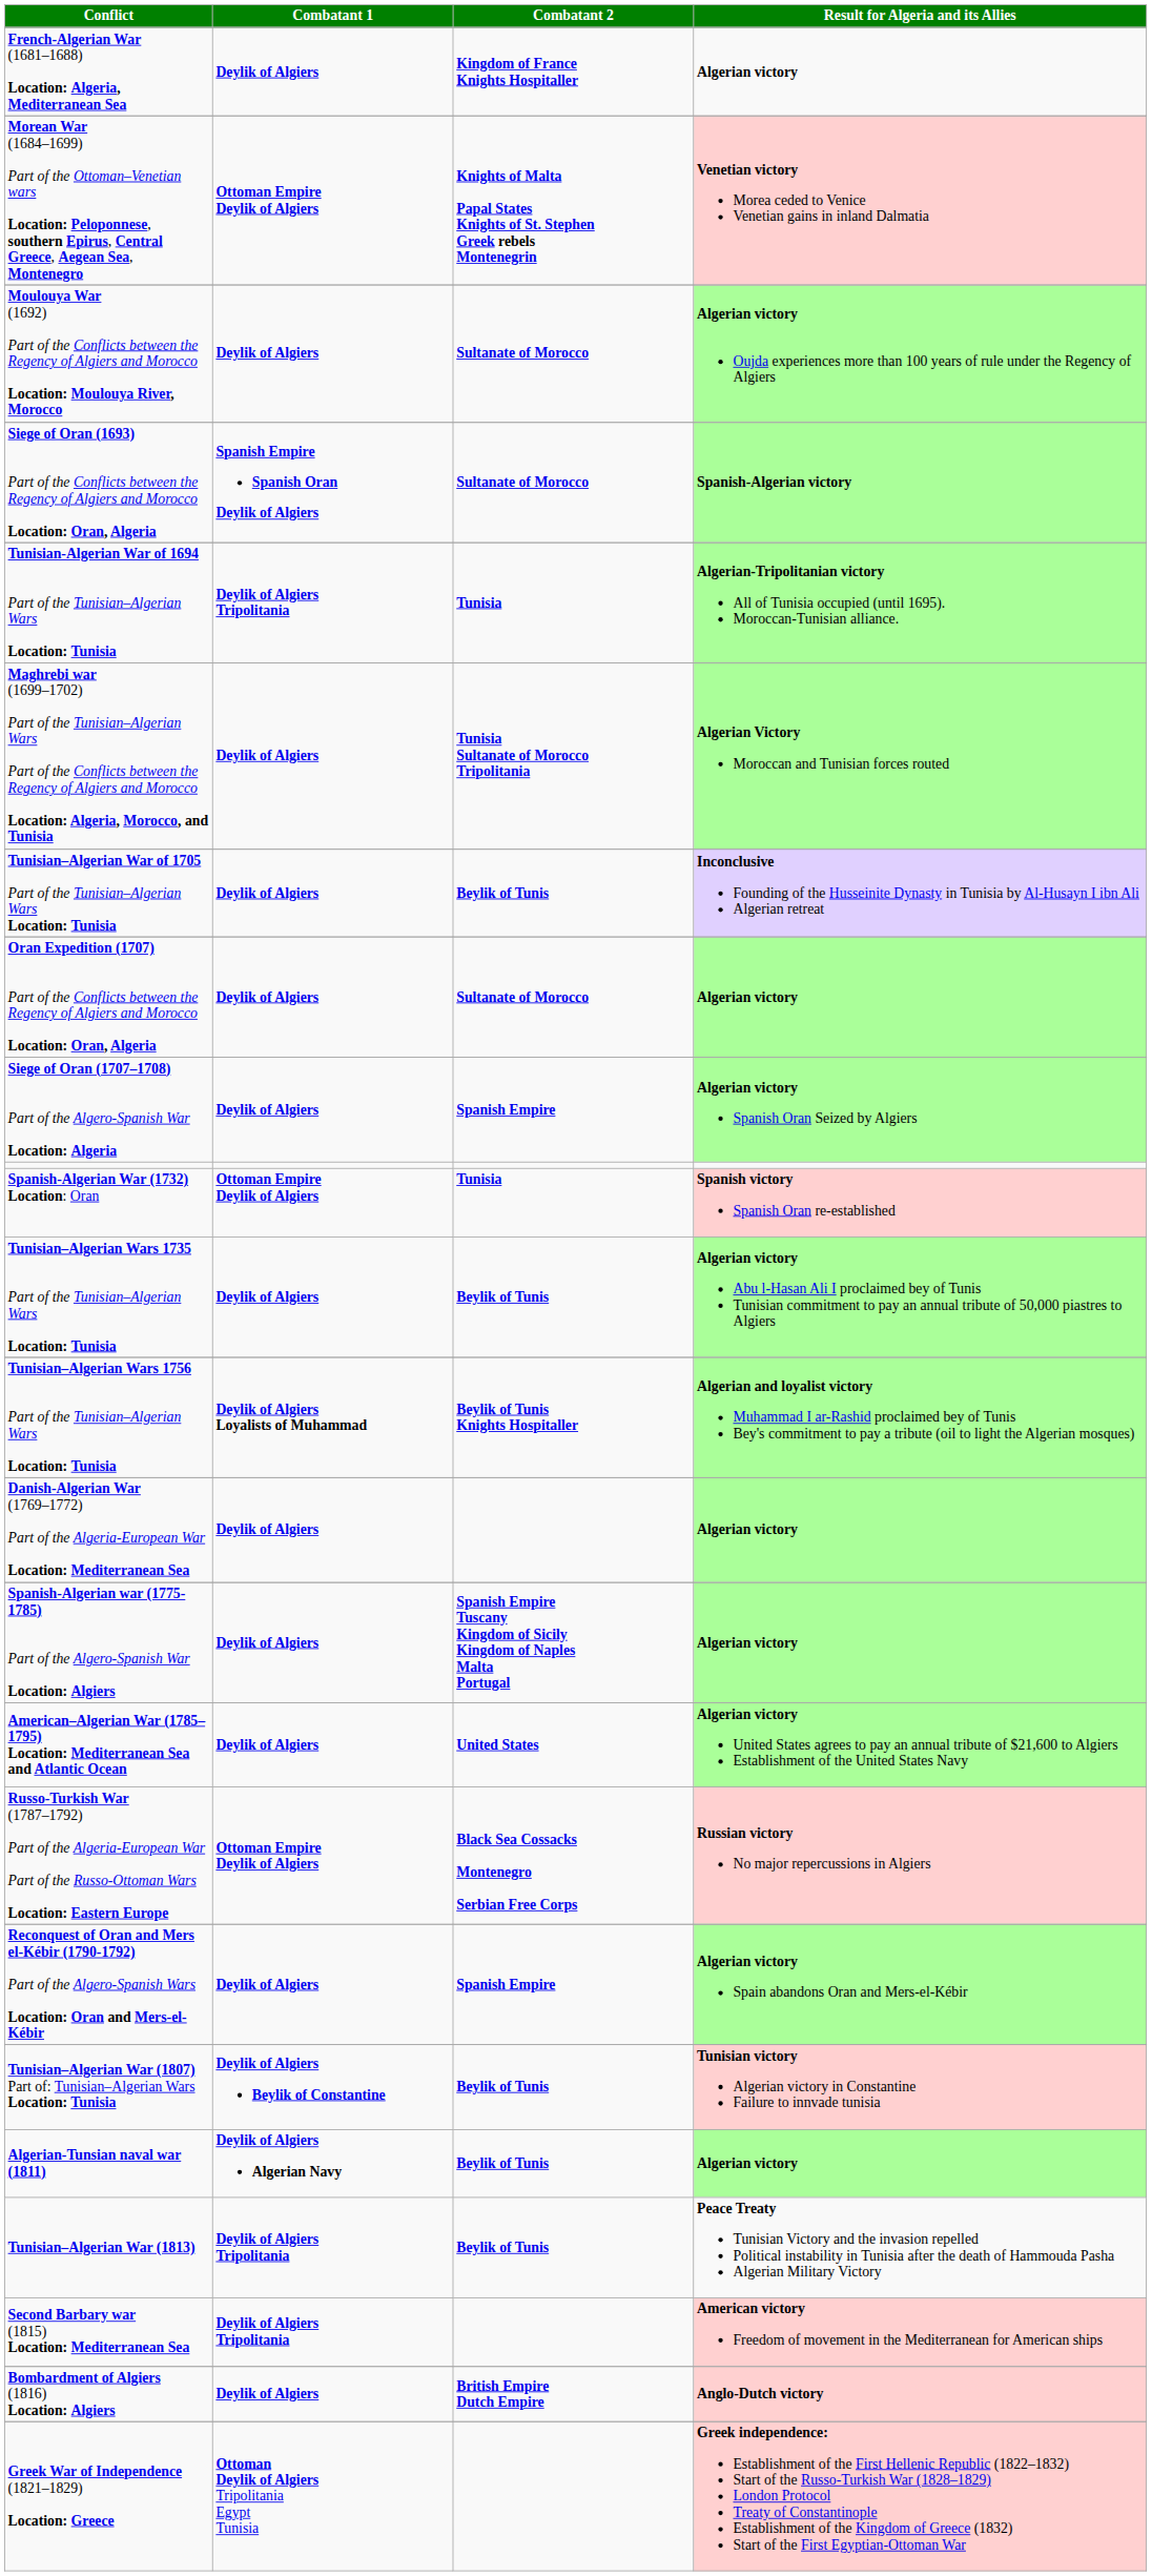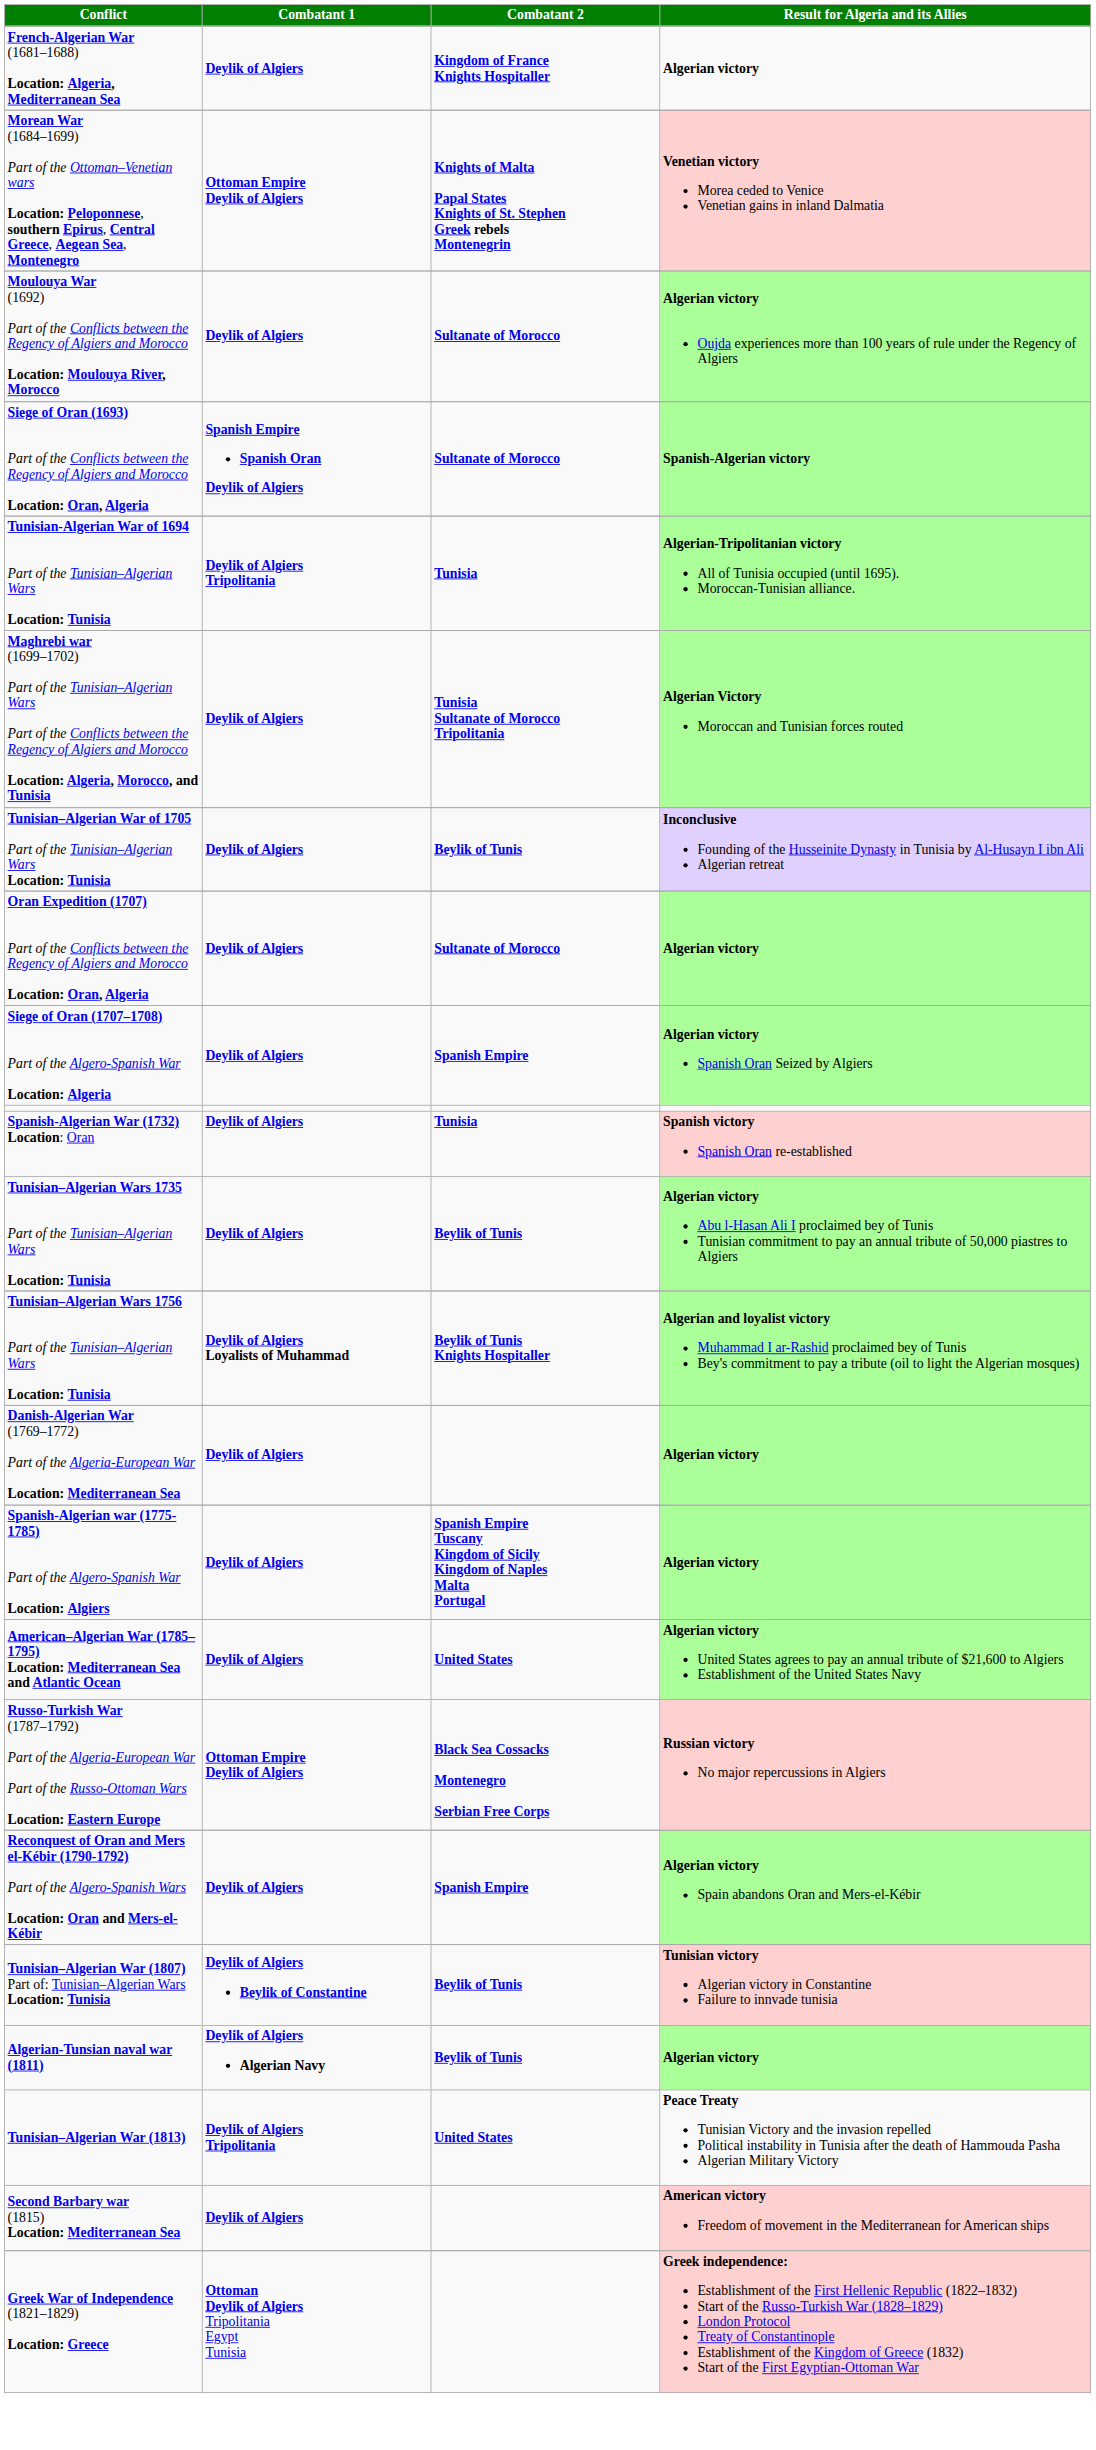 <table class="wikitable sortable" width="100%">
 <tr style="color: white">
 <th style="background:Green" width="120">Conflict</th>
 <th style="background:Green" width="140">Combatant 1</th>
 <th style="background:green" width="140">Combatant 2</th>
 <th style="background:green" width="270">Result for Algeria and its Allies</th>
 </tr>
 <tr valign="top">
 </tr>
 <tr>
 <td><strong><a href='#'>French-Algerian War</a></strong><br>(1681–1688)<br><br><strong>Location:</strong> <strong><a href='#'>Algeria</a>, <a href='#'>Mediterranean Sea</a></strong><br></td>
 <td><strong>  <a href='#'>Deylik of Algiers</a></strong></td>
 <td><strong> <a href='#'>Kingdom of France</a></strong><br> <strong> <a href='#'>Knights Hospitaller</a></strong></td>
 <td style="Background:AF9"><strong>Algerian victory</strong></td>
 </tr>
 <tr valign="top">
 </tr>
 <tr>
 <td><strong><a href='#'>Morean War</a></strong><br>(1684–1699)<br><br><em>Part of the <a href='#'>Ottoman–Venetian wars</a></em><br><br><strong>Location:</strong> <strong><a href='#'>Peloponnese</a></strong>, <strong>southern <a href='#'>Epirus</a></strong>, <strong><a href='#'>Central Greece</a></strong>, <strong><a href='#'>Aegean Sea</a></strong>, <strong><a href='#'>Montenegro</a></strong><br></td>
 <td><strong> <a href='#'>Ottoman Empire</a></strong><br> <strong> <a href='#'>Deylik of Algiers</a></strong></td>
 <td><strong></strong><br><strong></strong><br><strong> <a href='#'>Knights of Malta</a></strong><br><strong></strong><br><strong> <a href='#'>Papal States</a></strong><br><strong><a href='#'>Knights of St. Stephen</a></strong><br><strong><a href='#'>Greek</a> rebels</strong><br><strong> <a href='#'>Montenegrin</a></strong></td>
 <td style="background:#FFD0D0"><strong>Venetian victory</strong><br><ul><li>Morea ceded to Venice</li><li>Venetian gains in inland Dalmatia</li></ul></td>
 </tr>
 <tr valign="top">
 </tr>
 <tr>
 <td><strong><a href='#'>Moulouya War</a></strong><br>(1692)<br><br><em>Part of the <a href='#'>Conflicts between the Regency of Algiers and Morocco</a></em><br><br><strong>Location:</strong> <strong><a href='#'>Moulouya River</a>, <a href='#'>Morocco</a></strong><br></td>
 <td><strong>  <a href='#'>Deylik of Algiers</a></strong></td>
 <td><strong> <a href='#'>Sultanate of Morocco</a></strong></td>
 <td style="Background:#AF9"><strong>Algerian victory<br></strong><br><ul><li><a href='#'>Oujda</a> experiences more than 100 years of rule under the Regency of Algiers</li></ul></td>
 </tr>
 <tr valign="top">
 </tr>
 <tr>
 <td><strong><a href='#'>Siege of Oran (1693)</a></strong><br><br><br><em>Part of the <a href='#'>Conflicts between the Regency of Algiers and Morocco</a></em><br><br><strong>Location:</strong> <strong><a href='#'>Oran</a>, <a href='#'>Algeria</a></strong></td>
 <td><strong> <a href='#'>Spanish Empire</a></strong><br><ul><li><strong> <a href='#'>Spanish Oran</a></strong></li></ul><strong>  <a href='#'>Deylik of Algiers</a></strong></td>
 <td><strong> <a href='#'>Sultanate of Morocco</a></strong></td>
 <td style="Background:#AF9"><strong>Spanish-Algerian victory</strong></td>
 </tr>
 <tr valign="top">
 </tr>
 <tr>
 <td><strong><a href='#'>Tunisian-Algerian War of 1694</a></strong><br><br><br><em>Part of the <a href='#'>Tunisian–Algerian Wars</a></em><br><br><strong>Location:</strong> <strong><a href='#'>Tunisia</a></strong><br></td>
 <td><strong>  <a href='#'>Deylik of Algiers</a></strong><br><strong> <a href='#'>Tripolitania</a></strong></td>
 <td><strong> <a href='#'>Tunisia</a></strong></td>
 <td style="Background:#AF9"><strong> Algerian-Tripolitanian victory</strong><br><ul><li>All of Tunisia occupied (until 1695).</li><li>Moroccan-Tunisian alliance.</li></ul></td>
 </tr>
 <tr valign="top">
 </tr>
 <tr>
 <td><strong><a href='#'>Maghrebi war</a></strong><br>(1699–1702)<br><br><em>Part of the <a href='#'>Tunisian–Algerian Wars</a></em><br><br><em>Part of the <a href='#'>Conflicts between the Regency of Algiers and Morocco</a></em><br><br><strong>Location: <a href='#'>Algeria</a>, <a href='#'>Morocco</a>, and <a href='#'>Tunisia</a></strong></td>
 <td><strong>  <a href='#'>Deylik of Algiers</a></strong></td>
 <td><strong> <a href='#'>Tunisia</a></strong><br><strong> <a href='#'>Sultanate of Morocco</a></strong><br><strong> <a href='#'>Tripolitania</a></strong></td>
 <td style="Background:#AF9"><strong>Algerian Victory</strong><br><ul><li>Moroccan and Tunisian forces routed</li></ul></td>
 </tr>
 <tr valign=top>
 </tr>
 <tr>
 <td><strong><a href='#'>Tunisian–Algerian War of 1705</a></strong><br><br><em>Part of the <a href='#'>Tunisian–Algerian Wars</a></em><br><strong>Location:</strong> <strong><a href='#'>Tunisia</a></strong></td>
 <td><strong>  <a href='#'>Deylik of Algiers</a></strong></td>
 <td><strong> <a href='#'>Beylik of Tunis</a></strong></td>
 <td style="Background:#E0D0FF"><strong>Inconclusive</strong><br><ul><li>Founding of the <a href='#'>Husseinite Dynasty</a> in Tunisia by <a href='#'>Al-Husayn I ibn Ali</a></li><li>Algerian retreat</li></ul></td>
 </tr>
 <tr valign=top>
 </tr>
 <tr>
 <td><strong><a href='#'>Oran Expedition (1707)</a></strong><br><br><br><em>Part of the <a href='#'>Conflicts between the Regency of Algiers and Morocco</a></em><br><br><strong>Location:</strong> <strong><a href='#'>Oran</a>, <a href='#'>Algeria</a></strong></td>
 <td><strong>  <a href='#'>Deylik of Algiers</a></strong></td>
 <td><strong> <a href='#'>Sultanate of Morocco</a></strong></td>
 <td style="Background:#AF9"><strong>Algerian victory</strong></td>
 </tr>
 <tr valign="top">
 </tr>
 <tr>
 <td><strong><a href='#'>Siege of Oran (1707–1708)</a></strong><br><br><br><em>Part of the <a href='#'>Algero-Spanish War</a></em><br><br><strong>Location:</strong> <strong><a href='#'>Algeria</a></strong><br></td>
 <td><strong>  <a href='#'>Deylik of Algiers</a></strong></td>
 <td><strong> <a href='#'>Spanish Empire</a></strong></td>
 <td style="Background:#AF9"><strong>Algerian victory</strong><br><ul><li><a href='#'>Spanish Oran</a> Seized by Algiers</li></ul></td>
 </tr>
 <tr>
 <td></td>
 <td></td>
 <td></td>
 <td></td>
 </tr>
 <tr valign="top">
 <td><strong><a href='#'>Spanish-Algerian War (1732)</a></strong><br><strong>Location</strong>: <a href='#'>Oran</a> </td>
-<td><strong> <a href='#'>Ottoman Empire</a></strong><br> <strong> <a href='#'>Deylik of Algiers</a></strong></td>
+<td><strong>  <a href='#'>Deylik of Algiers</a></strong></td>
 <td><strong> <a href='#'>Tunisia</a></strong></td>
 <td style="Background:#FFD0D0"><strong>Spanish victory</strong><br><ul><li><a href='#'>Spanish Oran</a> re-established</li></ul></td>
 </tr>
 <tr>
 <td><strong><a href='#'>Tunisian–Algerian Wars 1735</a></strong><br><br><br><em>Part of the <a href='#'>Tunisian–Algerian Wars</a></em><br><br><strong>Location:</strong> <strong><a href='#'>Tunisia</a></strong></td>
 <td><strong>  <a href='#'>Deylik of Algiers</a></strong></td>
 <td><strong> <a href='#'>Beylik of Tunis</a></strong></td>
 <td style="Background:#AF9"><strong>Algerian victory</strong><br><ul><li><a href='#'>Abu l-Hasan Ali I</a> proclaimed bey of Tunis</li><li>Tunisian commitment to pay an annual tribute of 50,000 piastres to Algiers</li></ul></td>
 </tr>
 <tr valign=top>
 </tr>
 <tr>
 <td><strong><a href='#'>Tunisian–Algerian Wars 1756</a></strong><br><br><br><em>Part of the <a href='#'>Tunisian–Algerian Wars</a></em><br><br><strong>Location:</strong> <strong><a href='#'>Tunisia</a></strong></td>
 <td><strong>  <a href='#'>Deylik of Algiers</a><br>Loyalists of Muhammad</strong></td>
 <td><strong> <a href='#'>Beylik of Tunis</a><br> <a href='#'>Knights Hospitaller</a></strong></td>
 <td style="Background:#AF9"><strong>Algerian and loyalist victory</strong><br><ul><li><a href='#'>Muhammad I ar-Rashid</a> proclaimed bey of Tunis</li><li>Bey's commitment to pay a tribute (oil to light the Algerian mosques)</li></ul></td>
 </tr>
 <tr valign=top>
 </tr>
 <tr>
 <td><strong><a href='#'>Danish-Algerian War</a></strong><br>(1769–1772)<br><br><em>Part of the <a href='#'>Algeria-European War</a></em><br><br><strong>Location:</strong> <strong><a href='#'>Mediterranean Sea</a></strong></td>
 <td><strong>  <a href='#'>Deylik of Algiers</a></strong></td>
 <td><strong></strong></td>
 <td style="Background:#AF9"><strong>Algerian victory</strong><br></td>
 </tr>
 <tr valign=top>
 </tr>
 <tr>
 <td><strong><a href='#'>Spanish-Algerian war (1775-1785)</a></strong><br><br><br><em>Part of the <a href='#'>Algero-Spanish War</a></em><br><br><strong>Location:</strong> <strong><a href='#'>Algiers</a></strong><br></td>
 <td><strong>  <a href='#'>Deylik of Algiers</a></strong></td>
 <td><strong> <a href='#'>Spanish Empire</a><br> <a href='#'>Tuscany</a></strong><br> <strong><a href='#'>Kingdom of Sicily</a></strong><br><strong> <a href='#'>Kingdom of Naples</a></strong><br><strong> <a href='#'>Malta</a></strong><br><strong> <a href='#'>Portugal</a></strong></td>
 <td style="Background:#AF9"><strong>Algerian victory</strong></td>
 </tr>
 <tr valign=top>
 </tr>
 <tr>
 <td><strong><a href='#'>American–Algerian War (1785–1795)</a></strong><br><strong>Location: <a href='#'>Mediterranean Sea</a> and <a href='#'>Atlantic Ocean</a></strong></td>
 <td> <strong><a href='#'>Deylik of Algiers</a></strong></td>
 <td> <strong><a href='#'>United States</a></strong></td>
 <td style="Background:#AF9"><strong>Algerian victory</strong><br><ul><li>United States agrees to pay an annual tribute of $21,600 to Algiers</li><li>Establishment of the United States Navy</li></ul></td>
 </tr>
 <tr>
 <td><strong><a href='#'>Russo-Turkish War</a></strong><br>(1787–1792)<br><br><em>Part of the <a href='#'>Algeria-European War</a></em><br><br><em>Part of the <a href='#'>Russo-Ottoman Wars</a></em><br><br><strong>Location:</strong> <strong><a href='#'>Eastern Europe</a></strong><br></td>
 <td><strong> <a href='#'>Ottoman Empire</a><br> <a href='#'>Deylik of Algiers</a></strong></td>
 <td><strong><br><br><a href='#'>Black Sea Cossacks</a><br><br><a href='#'>Montenegro</a><br><br><a href='#'>Serbian Free Corps</a></strong></td>
 <td style="background:#FFD0D0"><strong>Russian victory</strong><br><ul><li>No major repercussions in Algiers</li></ul></td>
 </tr>
 <tr valign=top>
 </tr>
 <tr>
 <td><strong><a href='#'>Reconquest of Oran and Mers el-Kébir (1790-1792)</a></strong><br><br><em>Part of the <a href='#'>Algero-Spanish Wars</a></em><br><br><strong>Location:</strong> <strong><a href='#'>Oran</a> and <a href='#'>Mers-el-Kébir</a></strong></td>
 <td><strong> <a href='#'>Deylik of Algiers</a></strong></td>
 <td><strong> <a href='#'>Spanish Empire</a></strong></td>
 <td style="Background:#AF9"><strong>Algerian victory</strong><br><ul><li>Spain abandons Oran and Mers-el-Kébir</li></ul></td>
 </tr>
 <tr valign=top>
 </tr>
 <tr>
 <td><strong><a href='#'>Tunisian–Algerian War (1807)</a></strong><br>Part of: <a href='#'>Tunisian–Algerian Wars</a><br><strong>Location: <a href='#'>Tunisia</a></strong></td>
 <td> <strong><a href='#'>Deylik of Algiers</a></strong><br><ul><li> <strong><a href='#'>Beylik of Constantine</a></strong></li></ul></td>
 <td> <strong><a href='#'>Beylik of Tunis</a></strong></td>
 <td style="Background:#FFD0D0"><strong>Tunisian victory</strong><br><ul><li>Algerian victory in Constantine</li><li>Failure to innvade tunisia</li></ul></td>
 </tr>
 <tr>
 <td><strong><a href='#'>Algerian-Tunsian naval war (1811)</a></strong></td>
 <td> <strong><a href='#'>Deylik of Algiers</a></strong><br><ul><li> <strong>Algerian Navy</strong></li></ul></td>
 <td> <strong><a href='#'>Beylik of Tunis</a></strong></td>
 <td style="Background:#AF9"><strong>Algerian victory</strong></td>
 </tr>
 <tr>
 <td><strong><a href='#'>Tunisian–Algerian War (1813)</a></strong></td>
 <td><strong>  <a href='#'>Deylik of Algiers</a></strong><br><strong> <a href='#'>Tripolitania</a></strong></td>
-<td> <strong><a href='#'>Beylik of Tunis</a></strong></td>
+<td> <strong><a href='#'>United States</a></strong></td>
 <td><strong>Peace Treaty</strong><br><ul><li>Tunisian Victory and the invasion repelled</li><li>Political instability in Tunisia after the death of Hammouda Pasha</li><li>Algerian Military Victory</li></ul></td>
 </tr>
 <tr>
 <td><strong><a href='#'>Second Barbary war</a></strong><br>(1815)<br><strong>Location:</strong> <strong><a href='#'>Mediterranean Sea</a></strong></td>
-<td><strong>  <a href='#'>Deylik of Algiers</a></strong><br><strong> <a href='#'>Tripolitania</a></strong></td>
+<td><strong> <a href='#'>Deylik of Algiers</a></strong></td>
 <td><strong></strong></td>
 <td style="Background:#FFD0D0"><strong>American victory</strong><br><ul><li>Freedom of movement in the Mediterranean for American ships</li></ul></td>
 </tr>
 <tr valign=top>
-</tr>
-<tr>
-<td><strong><a href='#'>Bombardment of Algiers</a></strong><br>(1816)<br><strong>Location:</strong> <strong><a href='#'>Algiers</a></strong><br></td>
-<td><strong> <a href='#'>Deylik of Algiers</a></strong></td>
-<td><strong> <a href='#'>British Empire</a><br> <a href='#'>Dutch Empire</a></strong></td>
-<td style="Background:#FFD0D0"><strong>Anglo-Dutch victory</strong><br> </td>
 </tr>
 <tr valign=top>
 </tr>
 <tr>
 <td><strong><a href='#'>Greek War of Independence</a></strong><br>(1821–1829)<br><br><strong>Location:</strong> <strong><a href='#'>Greece</a></strong><br></td>
 <td><strong> <a href='#'>Ottoman</a></strong><br> <strong><a href='#'>Deylik of Algiers</a></strong><br> <a href='#'>Tripolitania</a><br> <a href='#'>Egypt</a><br> <a href='#'>Tunisia</a></td>
 <td></td>
 <td style="Background:#FFD0D0"><strong>Greek independence:</strong><br><ul><li>Establishment of the <a href='#'>First Hellenic Republic</a> (1822–1832)</li><li>Start of the <a href='#'>Russo-Turkish War (1828–1829)</a></li><li><a href='#'>London Protocol</a></li><li><a href='#'>Treaty of Constantinople</a></li><li>Establishment of the <a href='#'>Kingdom of Greece</a> (1832)</li><li>Start of the <a href='#'>First Egyptian-Ottoman War</a></li></ul></td>
 </tr>
 </table>
